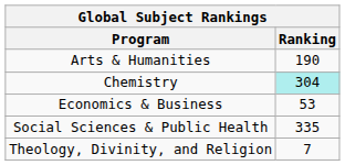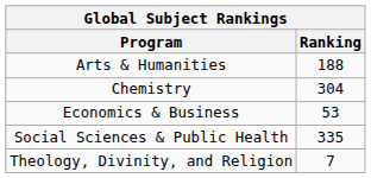 <table class="wikitable sortable collapsible collapsed" style="float:right; text-align:center">
 <tr>
 <th colspan=4>Global Subject Rankings</th>
 </tr>
 <tr>
 <th>Program</th>
 <th>Ranking</th>
 </tr>
 <tr>
 <td>Arts & Humanities</td>
-<td>190</td>
+<td>188</td>
 </tr>
 <tr>
 <td>Chemistry</td>
-<td style="background: paleturquoise;">304</td>
+<td>304</td>
 </tr>
 <tr>
 <td>Economics & Business</td>
 <td>53</td>
 </tr>
 <tr>
 <td>Social Sciences & Public Health</td>
 <td>335</td>
 </tr>
 <tr>
 <td>Theology, Divinity, and Religion</td>
 <td>7</td>
 </tr>
 </table>
